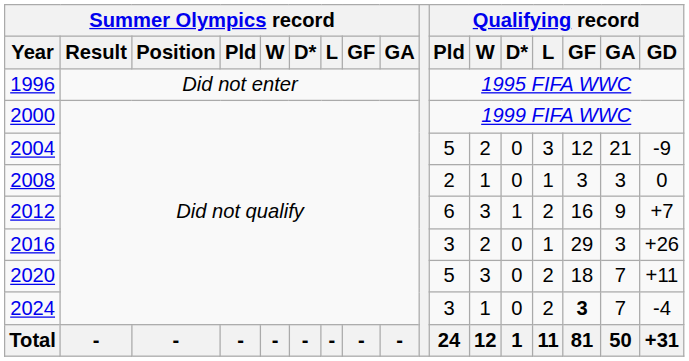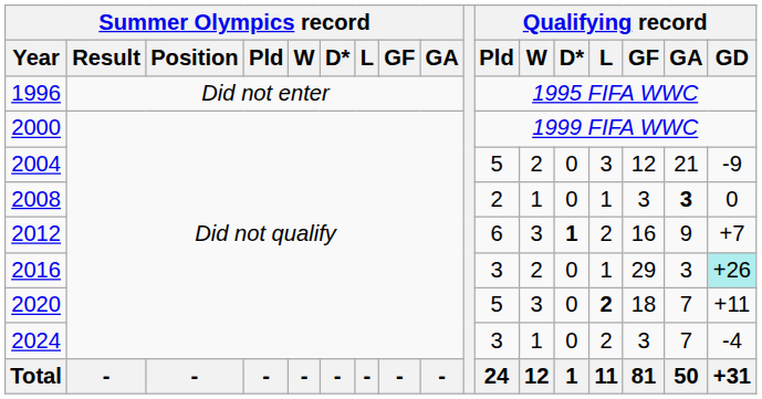 <table class="wikitable" style="text-align: center;">
 <tr>
 <th colspan=9><a href='#'>Summer Olympics</a> record</th>
 <th rowspan=11></th>
 <th colspan=7><a href='#'>Qualifying</a> record</th>
 </tr>
 <tr>
 <th>Year</th>
 <th>Result</th>
 <th>Position</th>
 <th>Pld</th>
 <th>W</th>
 <th>D*</th>
 <th>L</th>
 <th>GF</th>
 <th>GA</th>
 <th>Pld</th>
 <th>W</th>
 <th>D*</th>
 <th>L</th>
 <th>GF</th>
 <th>GA</th>
 <th>GD</th>
 </tr>
 <tr>
 <td> <a href='#'>1996</a></td>
 <td colspan=8><em>Did not enter</em></td>
 <td colspan=7><em><a href='#'>1995 FIFA WWC</a></em></td>
 </tr>
 <tr>
 <td> <a href='#'>2000</a></td>
 <td colspan=8 rowspan=7><em>Did not qualify</em></td>
 <td colspan=7><em><a href='#'>1999 FIFA WWC</a></em></td>
 </tr>
 <tr>
 <td> <a href='#'>2004</a></td>
 <td>5</td>
 <td>2</td>
 <td>0</td>
 <td>3</td>
 <td>12</td>
 <td>21</td>
 <td>-9</td>
 </tr>
 <tr>
 <td> <a href='#'>2008</a></td>
 <td>2</td>
 <td>1</td>
 <td>0</td>
 <td>1</td>
 <td>3</td>
-<td>3</td>
+<td><strong>3</strong></td>
 <td>0</td>
 </tr>
 <tr>
 <td> <a href='#'>2012</a></td>
 <td>6</td>
 <td>3</td>
-<td>1</td>
+<td><strong>1</strong></td>
 <td>2</td>
 <td>16</td>
 <td>9</td>
 <td>+7</td>
 </tr>
 <tr>
 <td> <a href='#'>2016</a></td>
 <td>3</td>
 <td>2</td>
 <td>0</td>
 <td>1</td>
 <td>29</td>
 <td>3</td>
-<td>+26</td>
+<td style="background: paleturquoise;">+26</td>
 </tr>
 <tr>
 <td> <a href='#'>2020</a></td>
 <td>5</td>
 <td>3</td>
 <td>0</td>
-<td>2</td>
+<td><strong>2</strong></td>
 <td>18</td>
 <td>7</td>
 <td>+11</td>
 </tr>
 <tr>
 <td> <a href='#'>2024</a></td>
 <td>3</td>
 <td>1</td>
 <td>0</td>
 <td>2</td>
-<td><strong>3</strong></td>
+<td>3</td>
 <td>7</td>
 <td>-4</td>
 </tr>
 <tr>
 <th>Total</th>
 <th>-</th>
 <th>-</th>
 <th>-</th>
 <th>-</th>
 <th>-</th>
 <th>-</th>
 <th>-</th>
 <th>-</th>
 <th>24</th>
 <th>12</th>
 <th>1</th>
 <th>11</th>
 <th>81</th>
 <th>50</th>
 <th>+31</th>
 </tr>
 </table>
